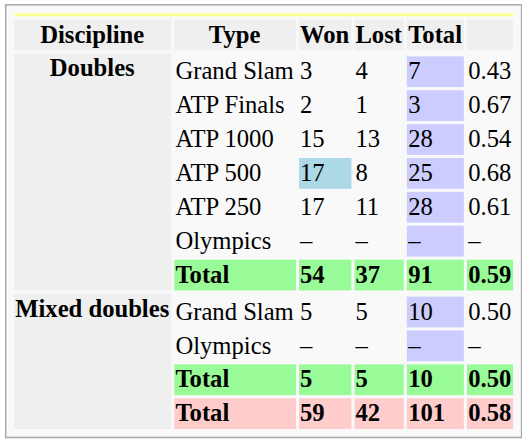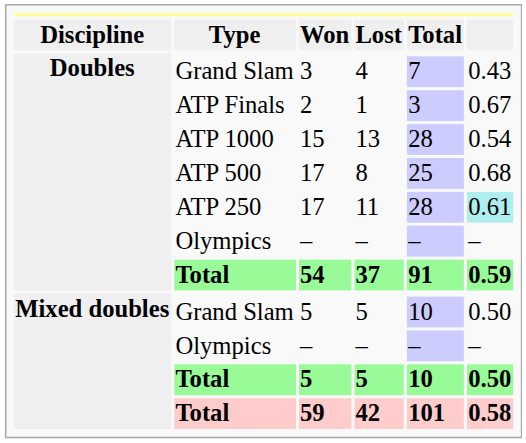 <table class="infobox vcard vevent nowrap">
 <tr bgcolor=FFFF99>
 <th colspan=6></th>
 </tr>
 <tr bgcolor=efefef>
 <th>Discipline</th>
 <th>Type</th>
 <th>Won</th>
 <th>Lost</th>
 <th>Total</th>
 <th></th>
 </tr>
 <tr bgcolor=efefef>
 <th rowspan="8">Doubles</th>
 </tr>
 <tr>
 <td>Grand Slam</td>
 <td>3</td>
 <td>4</td>
 <td bgcolor="CCCCFF">7</td>
 <td>0.43</td>
 </tr>
 <tr>
 <td>ATP Finals</td>
 <td>2</td>
 <td>1</td>
 <td bgcolor="CCCCFF">3</td>
 <td>0.67</td>
 </tr>
 <tr>
 <td>ATP 1000</td>
 <td>15</td>
 <td>13</td>
 <td bgcolor="CCCCFF">28</td>
 <td>0.54</td>
 </tr>
 <tr>
 <td>ATP 500</td>
-<td style="background: lightblue;">17</td>
+<td>17</td>
 <td>8</td>
 <td bgcolor="CCCCFF">25</td>
 <td>0.68</td>
 </tr>
 <tr>
 <td>ATP 250</td>
 <td>17</td>
 <td>11</td>
 <td bgcolor="CCCCFF">28</td>
-<td>0.61</td>
+<td style="background: paleturquoise;">0.61</td>
 </tr>
 <tr>
 <td>Olympics</td>
 <td>–</td>
 <td>–</td>
 <td bgcolor=CCCCFF>–</td>
 <td>–</td>
 </tr>
 <tr bgcolor=98fb98>
 <td><strong>Total</strong></td>
 <td><strong>54</strong></td>
 <td><strong>37</strong></td>
 <td><strong>91</strong></td>
 <td><strong>0.59</strong></td>
 </tr>
 <tr bgcolor=efefef>
 <th rowspan="8">Mixed doubles</th>
 </tr>
 <tr>
 <td>Grand Slam</td>
 <td>5</td>
 <td>5</td>
 <td bgcolor="CCCCFF">10</td>
 <td>0.50</td>
 </tr>
 <tr>
 <td>Olympics</td>
 <td>–</td>
 <td>–</td>
 <td bgcolor=CCCCFF>–</td>
 <td>–</td>
 </tr>
 <tr bgcolor=98fb98>
 <td><strong>Total</strong></td>
 <td><strong>5</strong></td>
 <td><strong>5</strong></td>
 <td><strong>10</strong></td>
 <td><strong>0.50</strong></td>
 </tr>
 <tr bgcolor=FFCCCC>
 <td><strong>Total</strong></td>
 <td><strong>59</strong></td>
 <td><strong>42</strong></td>
 <td><strong>101</strong></td>
 <td><strong>0.58</strong></td>
 </tr>
 </table>
